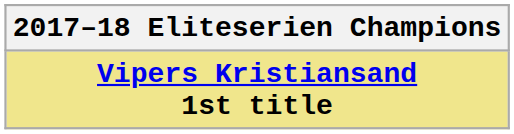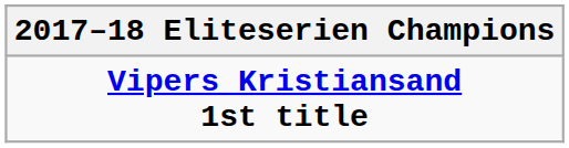 <table class=wikitable style="text-align:center; margin:auto">
 <tr>
 <th>2017–18 Eliteserien Champions</th>
 </tr>
 <tr>
-<td style="background: khaki;"><strong><a href='#'>Vipers Kristiansand</a></strong><br><strong>1st title</strong></td>
+<td><strong><a href='#'>Vipers Kristiansand</a></strong><br><strong>1st title</strong></td>
 </tr>
 </table>
